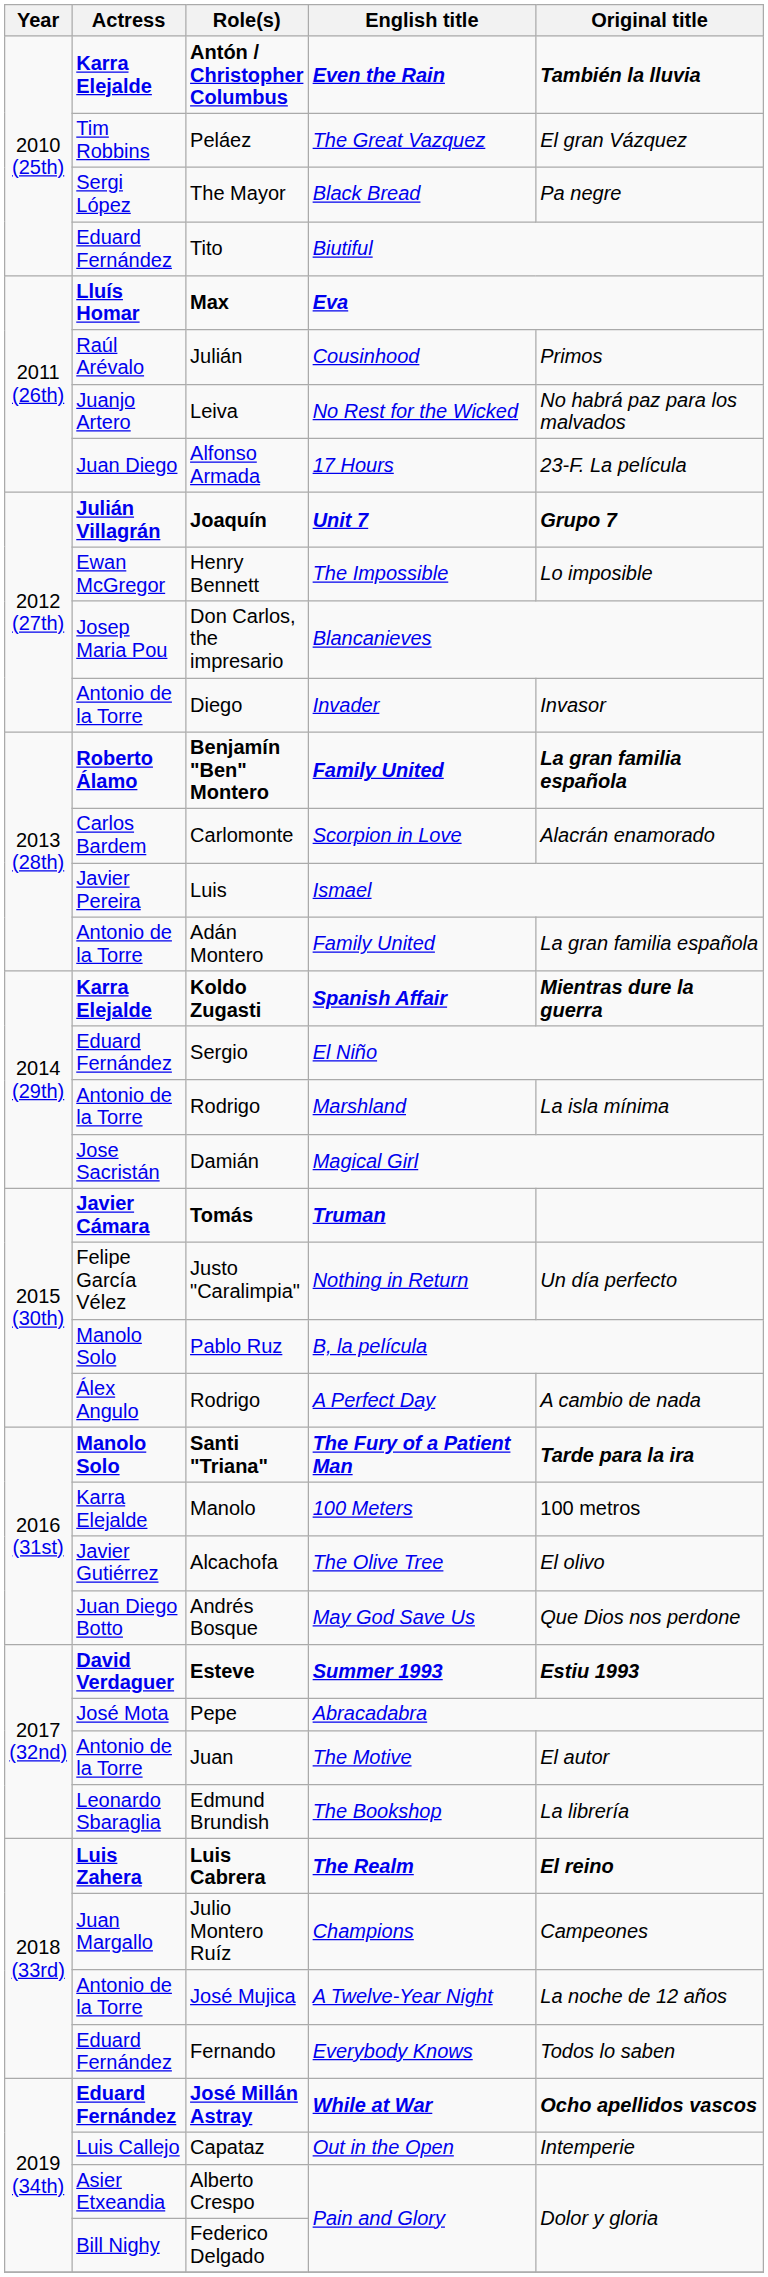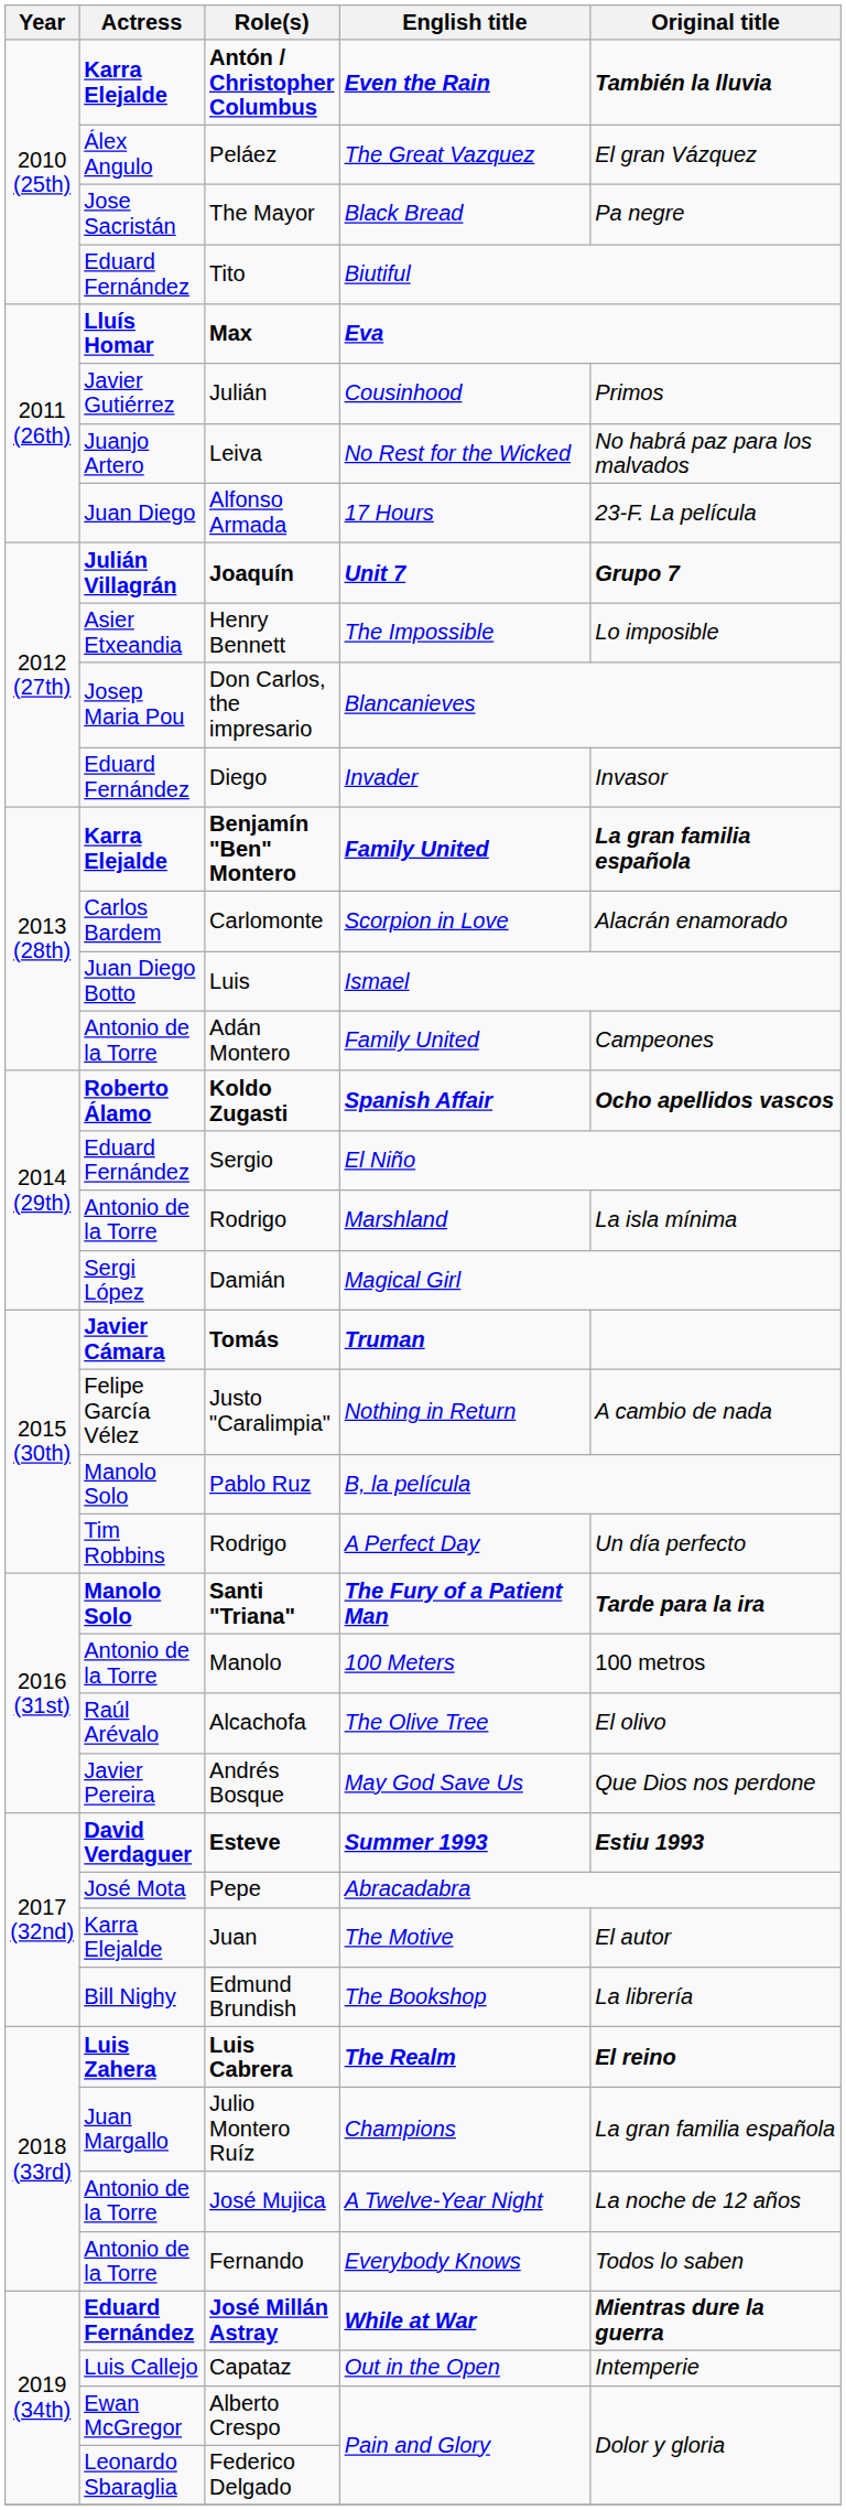 <table class="wikitable sortable" style="text-align:left;">
 <tr>
 <th scope="col" style="width:8%;">Year</th>
 <th scope="col" style="width:15%;">Actress</th>
 <th scope="col" style="width:15%;">Role(s)</th>
 <th scope="col" style="width:30%;">English title</th>
 <th scope="col" style="width:30%;">Original title</th>
 </tr>
 <tr>
 <td rowspan="4" style="text-align:center;">2010<br><a href='#'>(25th)</a></td>
 <td style="background:"><strong><a href='#'>Karra Elejalde</a></strong></td>
 <td style="background:"><strong>Antón / <a href='#'>Christopher Columbus</a></strong></td>
 <td style="background:"><strong><em><a href='#'>Even the Rain</a></em></strong></td>
 <td style="background:"><strong><em>También la lluvia</em></strong></td>
 </tr>
 <tr>
-<td><a href='#'>Tim Robbins</a></td>
+<td><a href='#'>Álex Angulo</a></td>
 <td>Peláez</td>
 <td><em><a href='#'>The Great Vazquez</a></em></td>
 <td><em>El gran Vázquez</em></td>
 </tr>
 <tr>
-<td><a href='#'>Sergi López</a></td>
+<td><a href='#'>Jose Sacristán</a></td>
 <td>The Mayor</td>
 <td><em><a href='#'>Black Bread</a></em></td>
 <td><em>Pa negre</em></td>
 </tr>
 <tr>
 <td><a href='#'>Eduard Fernández</a></td>
 <td>Tito</td>
 <td colspan="2"><em><a href='#'>Biutiful</a></em></td>
 </tr>
 <tr>
 <td rowspan="4" style="text-align:center;">2011<br><a href='#'>(26th)</a></td>
 <td style="background:"><strong><a href='#'>Lluís Homar</a></strong></td>
 <td style="background:"><strong>Max</strong></td>
 <td colspan="2" style="background:"><strong><em><a href='#'>Eva</a></em></strong></td>
 </tr>
 <tr>
-<td><a href='#'>Raúl Arévalo</a></td>
+<td><a href='#'>Javier Gutiérrez</a></td>
 <td>Julián</td>
 <td><em><a href='#'>Cousinhood</a></em></td>
 <td><em>Primos</em></td>
 </tr>
 <tr>
 <td><a href='#'>Juanjo Artero</a></td>
 <td>Leiva</td>
 <td><em><a href='#'>No Rest for the Wicked</a></em></td>
 <td><em>No habrá paz para los malvados</em></td>
 </tr>
 <tr>
 <td><a href='#'>Juan Diego</a></td>
 <td><a href='#'>Alfonso Armada</a></td>
 <td><em><a href='#'>17 Hours</a></em></td>
 <td><em>23-F. La película</em></td>
 </tr>
 <tr>
 <td rowspan="4" style="text-align:center;">2012<br><a href='#'>(27th)</a></td>
 <td style="background:"><strong><a href='#'>Julián Villagrán</a></strong></td>
 <td style="background:"><strong>Joaquín</strong></td>
 <td style="background:"><strong><em><a href='#'>Unit 7</a></em></strong></td>
 <td style="background:"><strong><em>Grupo 7</em></strong></td>
 </tr>
 <tr>
-<td><a href='#'>Ewan McGregor</a></td>
+<td><a href='#'>Asier Etxeandia</a></td>
 <td>Henry Bennett</td>
 <td><em><a href='#'>The Impossible</a></em></td>
 <td><em>Lo imposible</em></td>
 </tr>
 <tr>
 <td><a href='#'>Josep Maria Pou</a></td>
 <td>Don Carlos, the impresario</td>
 <td colspan="2"><em><a href='#'>Blancanieves</a></em></td>
 </tr>
 <tr>
-<td><a href='#'>Antonio de la Torre</a></td>
+<td><a href='#'>Eduard Fernández</a></td>
 <td>Diego</td>
 <td><em><a href='#'>Invader</a></em></td>
 <td><em>Invasor</em></td>
 </tr>
 <tr>
 <td rowspan="4" style="text-align:center;">2013<br><a href='#'>(28th)</a></td>
-<td style="background:"><strong><a href='#'>Roberto Álamo</a></strong></td>
+<td style="background:"><strong><a href='#'>Karra Elejalde</a></strong></td>
 <td style="background:"><strong>Benjamín "Ben" Montero</strong></td>
 <td style="background:"><strong><em><a href='#'>Family United</a></em></strong></td>
 <td style="background:"><strong><em>La gran familia española</em></strong></td>
 </tr>
 <tr>
 <td><a href='#'>Carlos Bardem</a></td>
 <td>Carlomonte</td>
 <td><em><a href='#'>Scorpion in Love</a></em></td>
 <td><em>Alacrán enamorado</em></td>
 </tr>
 <tr>
-<td><a href='#'>Javier Pereira</a></td>
+<td><a href='#'>Juan Diego Botto</a></td>
 <td>Luis</td>
 <td colspan="2"><em><a href='#'>Ismael</a></em></td>
 </tr>
 <tr>
 <td><a href='#'>Antonio de la Torre</a></td>
 <td>Adán Montero</td>
 <td><em><a href='#'>Family United</a></em></td>
-<td><em>La gran familia española</em></td>
+<td><em>Campeones</em></td>
 </tr>
 <tr>
 <td rowspan="4" style="text-align:center;">2014<br><a href='#'>(29th)</a></td>
-<td style="background:"><strong><a href='#'>Karra Elejalde</a></strong></td>
+<td style="background:"><strong><a href='#'>Roberto Álamo</a></strong></td>
 <td style="background:"><strong>Koldo Zugasti</strong></td>
 <td style="background:"><strong><em><a href='#'>Spanish Affair</a></em></strong></td>
-<td style="background:"><strong><em>Mientras dure la guerra</em></strong></td>
+<td style="background:"><strong><em>Ocho apellidos vascos</em></strong></td>
 </tr>
 <tr>
 <td><a href='#'>Eduard Fernández</a></td>
 <td>Sergio</td>
 <td colspan=2><em><a href='#'>El Niño</a></em></td>
 </tr>
 <tr>
 <td><a href='#'>Antonio de la Torre</a></td>
 <td>Rodrigo</td>
 <td><em><a href='#'>Marshland</a></em></td>
 <td><em>La isla mínima</em></td>
 </tr>
 <tr>
-<td><a href='#'>Jose Sacristán</a></td>
+<td><a href='#'>Sergi López</a></td>
 <td>Damián</td>
 <td colspan="2"><em><a href='#'>Magical Girl</a></em></td>
 </tr>
 <tr>
 <td rowspan="4" style="text-align:center;">2015<br><a href='#'>(30th)</a></td>
 <td style="background:"><strong><a href='#'>Javier Cámara</a></strong></td>
 <td style="background:"><strong>Tomás</strong></td>
 <td style="background:"><strong><em><a href='#'>Truman</a></em></strong></td>
 </tr>
 <tr>
 <td>Felipe García Vélez</td>
 <td>Justo "Caralimpia"</td>
 <td><em><a href='#'>Nothing in Return</a></em></td>
-<td><em>Un día perfecto</em></td>
+<td><em>A cambio de nada</em></td>
 </tr>
 <tr>
 <td><a href='#'>Manolo Solo</a></td>
 <td><a href='#'>Pablo Ruz</a></td>
 <td colspan="2"><em><a href='#'>B, la película</a></em></td>
 </tr>
 <tr>
-<td><a href='#'>Álex Angulo</a></td>
+<td><a href='#'>Tim Robbins</a></td>
 <td>Rodrigo</td>
 <td><em><a href='#'>A Perfect Day</a></em></td>
-<td><em>A cambio de nada</em></td>
+<td><em>Un día perfecto</em></td>
 </tr>
 <tr>
 <td rowspan="4" style="text-align:center;">2016<br><a href='#'>(31st)</a></td>
 <td style="background:"><strong><a href='#'>Manolo Solo</a></strong></td>
 <td style="background:"><strong>Santi "Triana"</strong></td>
 <td style="background:"><strong><em><a href='#'>The Fury of a Patient Man</a></em></strong></td>
 <td style="background:"><strong><em>Tarde para la ira</em></strong></td>
 </tr>
 <tr>
-<td><a href='#'>Karra Elejalde</a></td>
+<td><a href='#'>Antonio de la Torre</a></td>
 <td>Manolo</td>
 <td><em><a href='#'>100 Meters</a></em></td>
 <td>100 metros</td>
 </tr>
 <tr>
-<td><a href='#'>Javier Gutiérrez</a></td>
+<td><a href='#'>Raúl Arévalo</a></td>
 <td>Alcachofa</td>
 <td><em><a href='#'>The Olive Tree</a></em></td>
 <td><em>El olivo</em></td>
 </tr>
 <tr>
-<td><a href='#'>Juan Diego Botto</a></td>
+<td><a href='#'>Javier Pereira</a></td>
 <td>Andrés Bosque</td>
 <td><em><a href='#'>May God Save Us</a></em></td>
 <td><em>Que Dios nos perdone</em></td>
 </tr>
 <tr>
 <td rowspan="4" style="text-align:center;">2017<br><a href='#'>(32nd)</a><br></td>
 <td style="background:"><strong><a href='#'>David Verdaguer</a></strong></td>
 <td style="background:"><strong>Esteve</strong></td>
 <td style="background:"><strong><em><a href='#'>Summer 1993</a></em></strong></td>
 <td style="background:"><strong><em>Estiu 1993</em></strong></td>
 </tr>
 <tr>
 <td><a href='#'>José Mota</a></td>
 <td>Pepe</td>
 <td colspan="2"><em><a href='#'>Abracadabra</a></em></td>
 </tr>
 <tr>
-<td><a href='#'>Antonio de la Torre</a></td>
+<td><a href='#'>Karra Elejalde</a></td>
 <td>Juan</td>
 <td><em><a href='#'>The Motive</a></em></td>
 <td><em>El autor</em></td>
 </tr>
 <tr>
-<td><a href='#'>Leonardo Sbaraglia</a></td>
+<td><a href='#'>Bill Nighy</a></td>
 <td>Edmund Brundish</td>
 <td><em><a href='#'>The Bookshop</a></em></td>
 <td><em>La librería</em></td>
 </tr>
 <tr>
 <td rowspan="4" style="text-align:center;">2018<br><a href='#'>(33rd)</a></td>
 <td style="background:"><strong><a href='#'>Luis Zahera</a></strong></td>
 <td style="background:"><strong>Luis Cabrera</strong></td>
 <td style="background:"><strong><em><a href='#'>The Realm</a></em></strong></td>
 <td style="background:"><strong><em>El reino</em></strong></td>
 </tr>
 <tr>
 <td><a href='#'>Juan Margallo</a></td>
 <td>Julio Montero Ruíz</td>
 <td><em><a href='#'>Champions</a></em></td>
-<td><em>Campeones</em></td>
+<td><em>La gran familia española</em></td>
 </tr>
 <tr>
 <td><a href='#'>Antonio de la Torre</a></td>
 <td><a href='#'>José Mujica</a></td>
 <td><em><a href='#'>A Twelve-Year Night</a></em></td>
 <td><em>La noche de 12 años</em></td>
 </tr>
 <tr>
-<td><a href='#'>Eduard Fernández</a></td>
+<td><a href='#'>Antonio de la Torre</a></td>
 <td>Fernando</td>
 <td><em><a href='#'>Everybody Knows</a></em></td>
 <td><em>Todos lo saben</em></td>
 </tr>
 <tr>
 <td rowspan="4" style="text-align:center;">2019<br><a href='#'>(34th)</a></td>
 <td style="background:"><strong><a href='#'>Eduard Fernández</a></strong></td>
 <td style="background:"><strong><a href='#'>José Millán Astray</a></strong></td>
 <td style="background:"><strong><em><a href='#'>While at War</a></em></strong></td>
-<td style="background:"><strong><em>Ocho apellidos vascos</em></strong></td>
+<td style="background:"><strong><em>Mientras dure la guerra</em></strong></td>
 </tr>
 <tr>
 <td><a href='#'>Luis Callejo</a></td>
 <td>Capataz</td>
 <td><em><a href='#'>Out in the Open</a></em></td>
 <td><em>Intemperie</em></td>
 </tr>
 <tr>
-<td><a href='#'>Asier Etxeandia</a></td>
+<td><a href='#'>Ewan McGregor</a></td>
 <td>Alberto Crespo</td>
 <td rowspan="2"><em><a href='#'>Pain and Glory</a></em></td>
 <td rowspan="2"><em>Dolor y gloria</em></td>
 </tr>
 <tr>
-<td><a href='#'>Bill Nighy</a></td>
+<td><a href='#'>Leonardo Sbaraglia</a></td>
 <td>Federico Delgado</td>
 </tr>
 <tr>
 </tr>
 </table>
